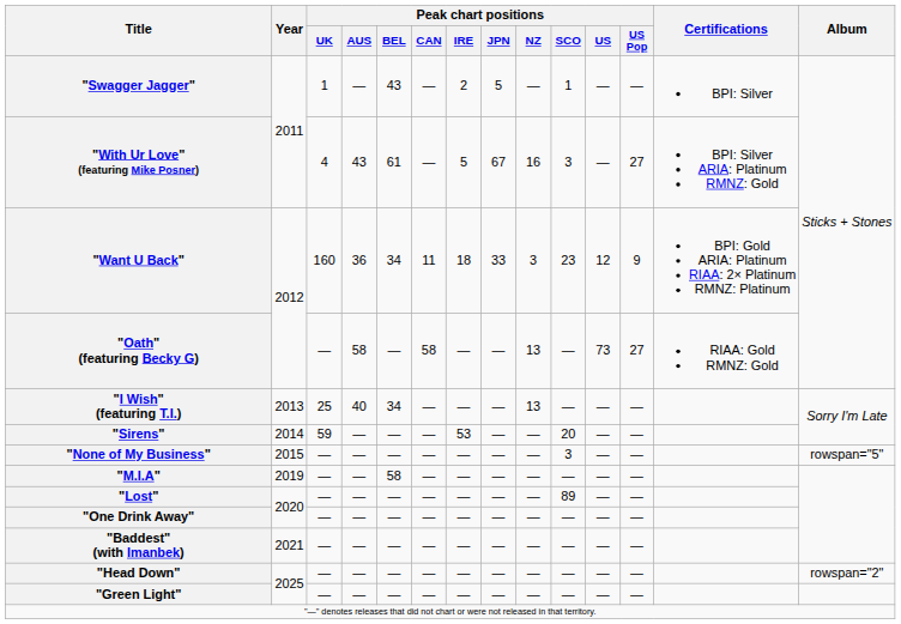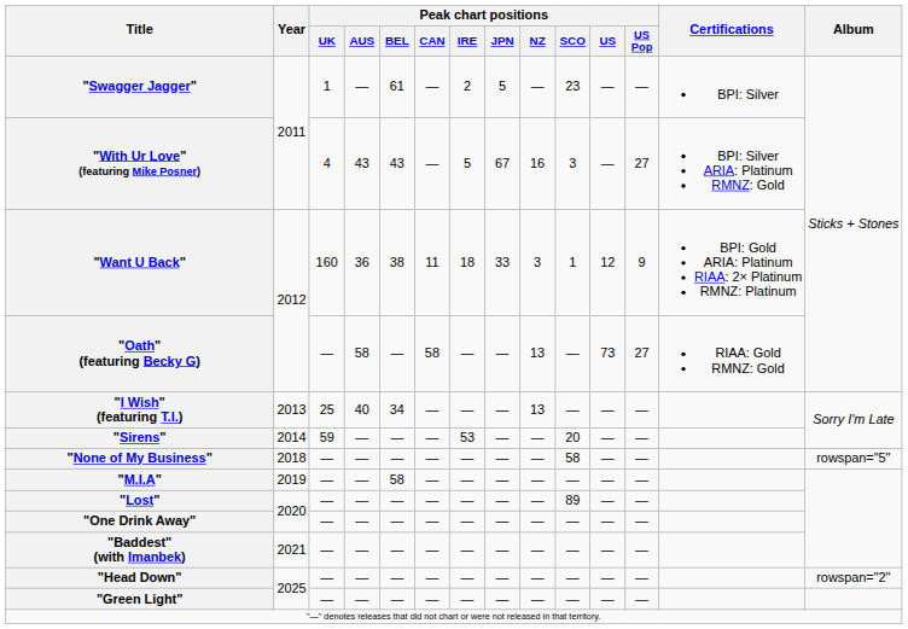 <table class="wikitable plainrowheaders" style="text-align:center;">
 <tr>
 <th rowspan="2" scope="col" style="width:20em;">Title</th>
 <th rowspan="2" scope="col" style="width:1em;">Year</th>
 <th colspan="10" scope="col">Peak chart positions</th>
 <th rowspan="2" scope="col"><a href='#'>Certifications</a></th>
 <th rowspan="2" scope="col">Album</th>
 </tr>
 <tr>
 <th scope="col" style="width:2.5em;font-size:90%;"><a href='#'>UK</a><br></th>
 <th scope="col" style="width:2.5em;font-size:90%;"><a href='#'>AUS</a><br></th>
 <th scope="col" style="width:2.5em;font-size:90%;"><a href='#'>BEL</a><br></th>
 <th scope="col" style="width:2.5em;font-size:90%;"><a href='#'>CAN</a><br></th>
 <th scope="col" style="width:2.5em;font-size:90%;"><a href='#'>IRE</a><br></th>
 <th scope="col" style="width:2.5em;font-size:90%;"><a href='#'>JPN</a><br></th>
 <th scope="col" style="width:2.5em;font-size:90%;"><a href='#'>NZ</a><br></th>
 <th scope="col" style="width:2.5em;font-size:90%;"><a href='#'>SCO</a><br></th>
 <th scope="col" style="width:2.5em;font-size:90%;"><a href='#'>US</a><br></th>
 <th scope="col" style="width:2.5em;font-size:85%;"><a href='#'>US Pop</a><br></th>
 </tr>
 <tr>
 <th scope="row">"<a href='#'>Swagger Jagger</a>"</th>
 <td rowspan="2">2011</td>
 <td>1</td>
 <td>—</td>
-<td>43</td>
+<td>61</td>
 <td>—</td>
 <td>2</td>
 <td>5</td>
 <td>—</td>
-<td>1</td>
+<td>23</td>
 <td>—</td>
 <td>—</td>
 <td><br><ul><li>BPI: Silver</li></ul></td>
 <td rowspan="4"><em>Sticks + Stones</em></td>
 </tr>
 <tr>
 <th scope="row">"<a href='#'>With Ur Love</a>"<br><small>(featuring <a href='#'>Mike Posner</a>)<br></small></th>
 <td>4</td>
 <td>43</td>
-<td>61</td>
+<td>43</td>
 <td>—</td>
 <td>5</td>
 <td>67</td>
 <td>16</td>
 <td>3</td>
 <td>—</td>
 <td>27</td>
 <td><br><ul><li>BPI: Silver</li><li><a href='#'>ARIA</a>: Platinum</li><li><a href='#'>RMNZ</a>: Gold</li></ul></td>
 </tr>
 <tr>
 <th scope="row">"<a href='#'>Want U Back</a>"</th>
 <td rowspan="2">2012</td>
 <td>160</td>
 <td>36</td>
-<td>34</td>
+<td>38</td>
 <td>11</td>
 <td>18</td>
 <td>33</td>
 <td>3</td>
-<td>23</td>
+<td>1</td>
 <td>12</td>
 <td>9</td>
 <td><br><ul><li>BPI: Gold</li><li>ARIA: Platinum</li><li><a href='#'>RIAA</a>: 2× Platinum</li><li>RMNZ: Platinum</li></ul></td>
 </tr>
 <tr>
 <th scope="row">"<a href='#'>Oath</a>"<br><span>(featuring <a href='#'>Becky G</a>)</span></th>
 <td>—</td>
 <td>58</td>
 <td>—</td>
 <td>58</td>
 <td>—</td>
 <td>—</td>
 <td>13</td>
 <td>—</td>
 <td>73</td>
 <td>27</td>
 <td><br><ul><li>RIAA: Gold</li><li>RMNZ: Gold</li></ul></td>
 </tr>
 <tr>
 <th scope="row">"<a href='#'>I Wish</a>"<br><span>(featuring <a href='#'>T.I.</a>)</span></th>
 <td>2013</td>
 <td>25</td>
 <td>40</td>
 <td>34</td>
 <td>—</td>
 <td>—</td>
 <td>—</td>
 <td>13</td>
 <td>—</td>
 <td>—</td>
 <td>—</td>
 <td></td>
 <td rowspan="2"><em>Sorry I'm Late</em></td>
 </tr>
 <tr>
 <th scope="row">"<a href='#'>Sirens</a>"</th>
 <td>2014</td>
 <td>59</td>
 <td>—</td>
 <td>—</td>
 <td>—</td>
 <td>53</td>
 <td>—</td>
 <td>—</td>
 <td>20</td>
 <td>—</td>
 <td>—</td>
 <td></td>
 </tr>
 <tr>
 <th scope="row">"<a href='#'>None of My Business</a>"</th>
-<td>2015</td>
+<td>2018</td>
 <td>—</td>
 <td>—</td>
 <td>—</td>
 <td>—</td>
 <td>—</td>
 <td>—</td>
 <td>—</td>
-<td>3</td>
+<td>58</td>
 <td>—</td>
 <td>—</td>
 <td></td>
 <td>rowspan="5" </td>
 </tr>
 <tr>
 <th scope="row">"<a href='#'>M.I.A</a>"</th>
 <td>2019</td>
 <td>—</td>
 <td>—</td>
 <td>58</td>
 <td>—</td>
 <td>—</td>
 <td>—</td>
 <td>—</td>
 <td>—</td>
 <td>—</td>
 <td>—</td>
 <td></td>
 </tr>
 <tr>
 <th scope="row">"<a href='#'>Lost</a>"</th>
 <td rowspan="2">2020</td>
 <td>—</td>
 <td>—</td>
 <td>—</td>
 <td>—</td>
 <td>—</td>
 <td>—</td>
 <td>—</td>
 <td>89</td>
 <td>—</td>
 <td>—</td>
 <td></td>
 </tr>
 <tr>
 <th scope="row">"One Drink Away"</th>
 <td>—</td>
 <td>—</td>
 <td>—</td>
 <td>—</td>
 <td>—</td>
 <td>—</td>
 <td>—</td>
 <td>—</td>
 <td>—</td>
 <td>—</td>
 <td></td>
 </tr>
 <tr>
 <th scope="row">"Baddest" <br><span>(with <a href='#'>Imanbek</a>)</span></th>
 <td>2021</td>
 <td>—</td>
 <td>—</td>
 <td>—</td>
 <td>—</td>
 <td>—</td>
 <td>—</td>
 <td>—</td>
 <td>—</td>
 <td>—</td>
 <td>—</td>
 <td></td>
 </tr>
 <tr>
 <th scope="row">"Head Down"</th>
 <td rowspan="2">2025</td>
 <td>—</td>
 <td>—</td>
 <td>—</td>
 <td>—</td>
 <td>—</td>
 <td>—</td>
 <td>—</td>
 <td>—</td>
 <td>—</td>
 <td>—</td>
 <td></td>
 <td>rowspan="2" </td>
 </tr>
 <tr>
 <th scope="row">"Green Light"</th>
 <td>—</td>
 <td>—</td>
 <td>—</td>
 <td>—</td>
 <td>—</td>
 <td>—</td>
 <td>—</td>
 <td>—</td>
 <td>—</td>
 <td>—</td>
 <td></td>
 </tr>
 <tr>
 <td colspan="14" style="font-size:8pt">"—" denotes releases that did not chart or were not released in that territory.</td>
 </tr>
 </table>
